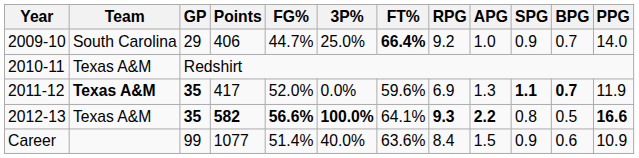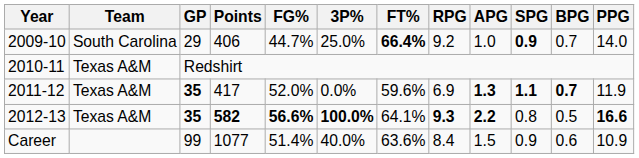 <table class="wikitable">
 <tr>
 <th>Year</th>
 <th>Team</th>
 <th>GP</th>
 <th>Points</th>
 <th>FG%</th>
 <th>3P%</th>
 <th>FT%</th>
 <th>RPG</th>
 <th>APG</th>
 <th>SPG</th>
 <th>BPG</th>
 <th>PPG</th>
 </tr>
 <tr>
 <td>2009-10</td>
 <td>South Carolina</td>
 <td>29</td>
 <td>406</td>
 <td>44.7%</td>
 <td>25.0%</td>
 <td><strong>66.4%</strong></td>
 <td>9.2</td>
 <td>1.0</td>
-<td>0.9</td>
+<td><strong>0.9</strong></td>
 <td>0.7</td>
 <td>14.0</td>
 </tr>
 <tr>
 <td>2010-11</td>
 <td>Texas A&M</td>
 <td colspan="10">Redshirt</td>
 </tr>
 <tr>
 <td>2011-12</td>
-<td><strong>Texas A&M</strong></td>
+<td>Texas A&M</td>
 <td><strong>35</strong></td>
 <td>417</td>
 <td>52.0%</td>
 <td>0.0%</td>
 <td>59.6%</td>
 <td>6.9</td>
-<td>1.3</td>
+<td><strong>1.3</strong></td>
 <td><strong>1.1</strong></td>
 <td><strong>0.7</strong></td>
 <td>11.9</td>
 </tr>
 <tr>
 <td>2012-13</td>
 <td>Texas A&M</td>
 <td><strong>35</strong></td>
 <td><strong>582</strong></td>
 <td><strong>56.6%</strong></td>
 <td><strong>100.0%</strong></td>
 <td>64.1%</td>
 <td><strong>9.3</strong></td>
 <td><strong>2.2</strong></td>
 <td>0.8</td>
 <td>0.5</td>
 <td><strong>16.6</strong></td>
 </tr>
 <tr>
 <td>Career</td>
 <td></td>
 <td>99</td>
 <td>1077</td>
 <td>51.4%</td>
 <td>40.0%</td>
 <td>63.6%</td>
 <td>8.4</td>
 <td>1.5</td>
 <td>0.9</td>
 <td>0.6</td>
 <td>10.9</td>
 </tr>
 </table>
